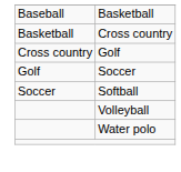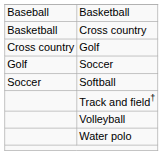 <table class="wikitable" style="float:right; clear:right; margin:0 0 1em 1em;">
 <tr>
 </tr>
 <tr>
 <td>Baseball</td>
 <td>Basketball</td>
 </tr>
 <tr>
 <td>Basketball</td>
 <td>Cross country</td>
 </tr>
 <tr>
 <td>Cross country</td>
 <td>Golf</td>
 </tr>
 <tr>
 <td>Golf</td>
 <td>Soccer</td>
 </tr>
 <tr>
 <td>Soccer</td>
 <td>Softball</td>
 </tr>
 <tr>
 <td></td>
+<td>Track and field<sup>†</sup></td>
+</tr>
+<tr>
+<td></td>
 <td>Volleyball</td>
 </tr>
 <tr>
 <td></td>
 <td>Water polo</td>
 </tr>
 <tr>
 <td colspan="2"></td>
 </tr>
 </table>
